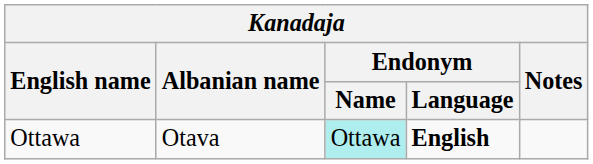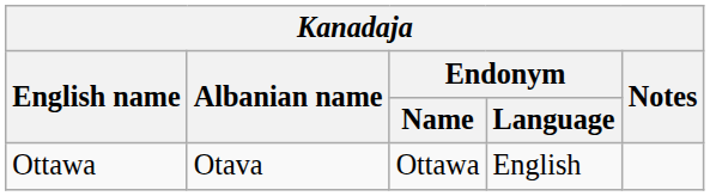 <table class="wikitable sortable">
 <tr>
 <th colspan="5"> <em>Kanadaja</em></th>
 </tr>
 <tr>
 <th rowspan="2">English name</th>
 <th rowspan="2">Albanian name</th>
 <th colspan="2">Endonym</th>
 <th rowspan="2">Notes</th>
 </tr>
 <tr>
 <th>Name</th>
 <th>Language</th>
 </tr>
 <tr>
 <td>Ottawa</td>
 <td>Otava</td>
-<td style="background: paleturquoise;">Ottawa</td>
-<td><strong>English</strong></td>
+<td>Ottawa</td>
+<td>English</td>
 <td></td>
 </tr>
 </table>
